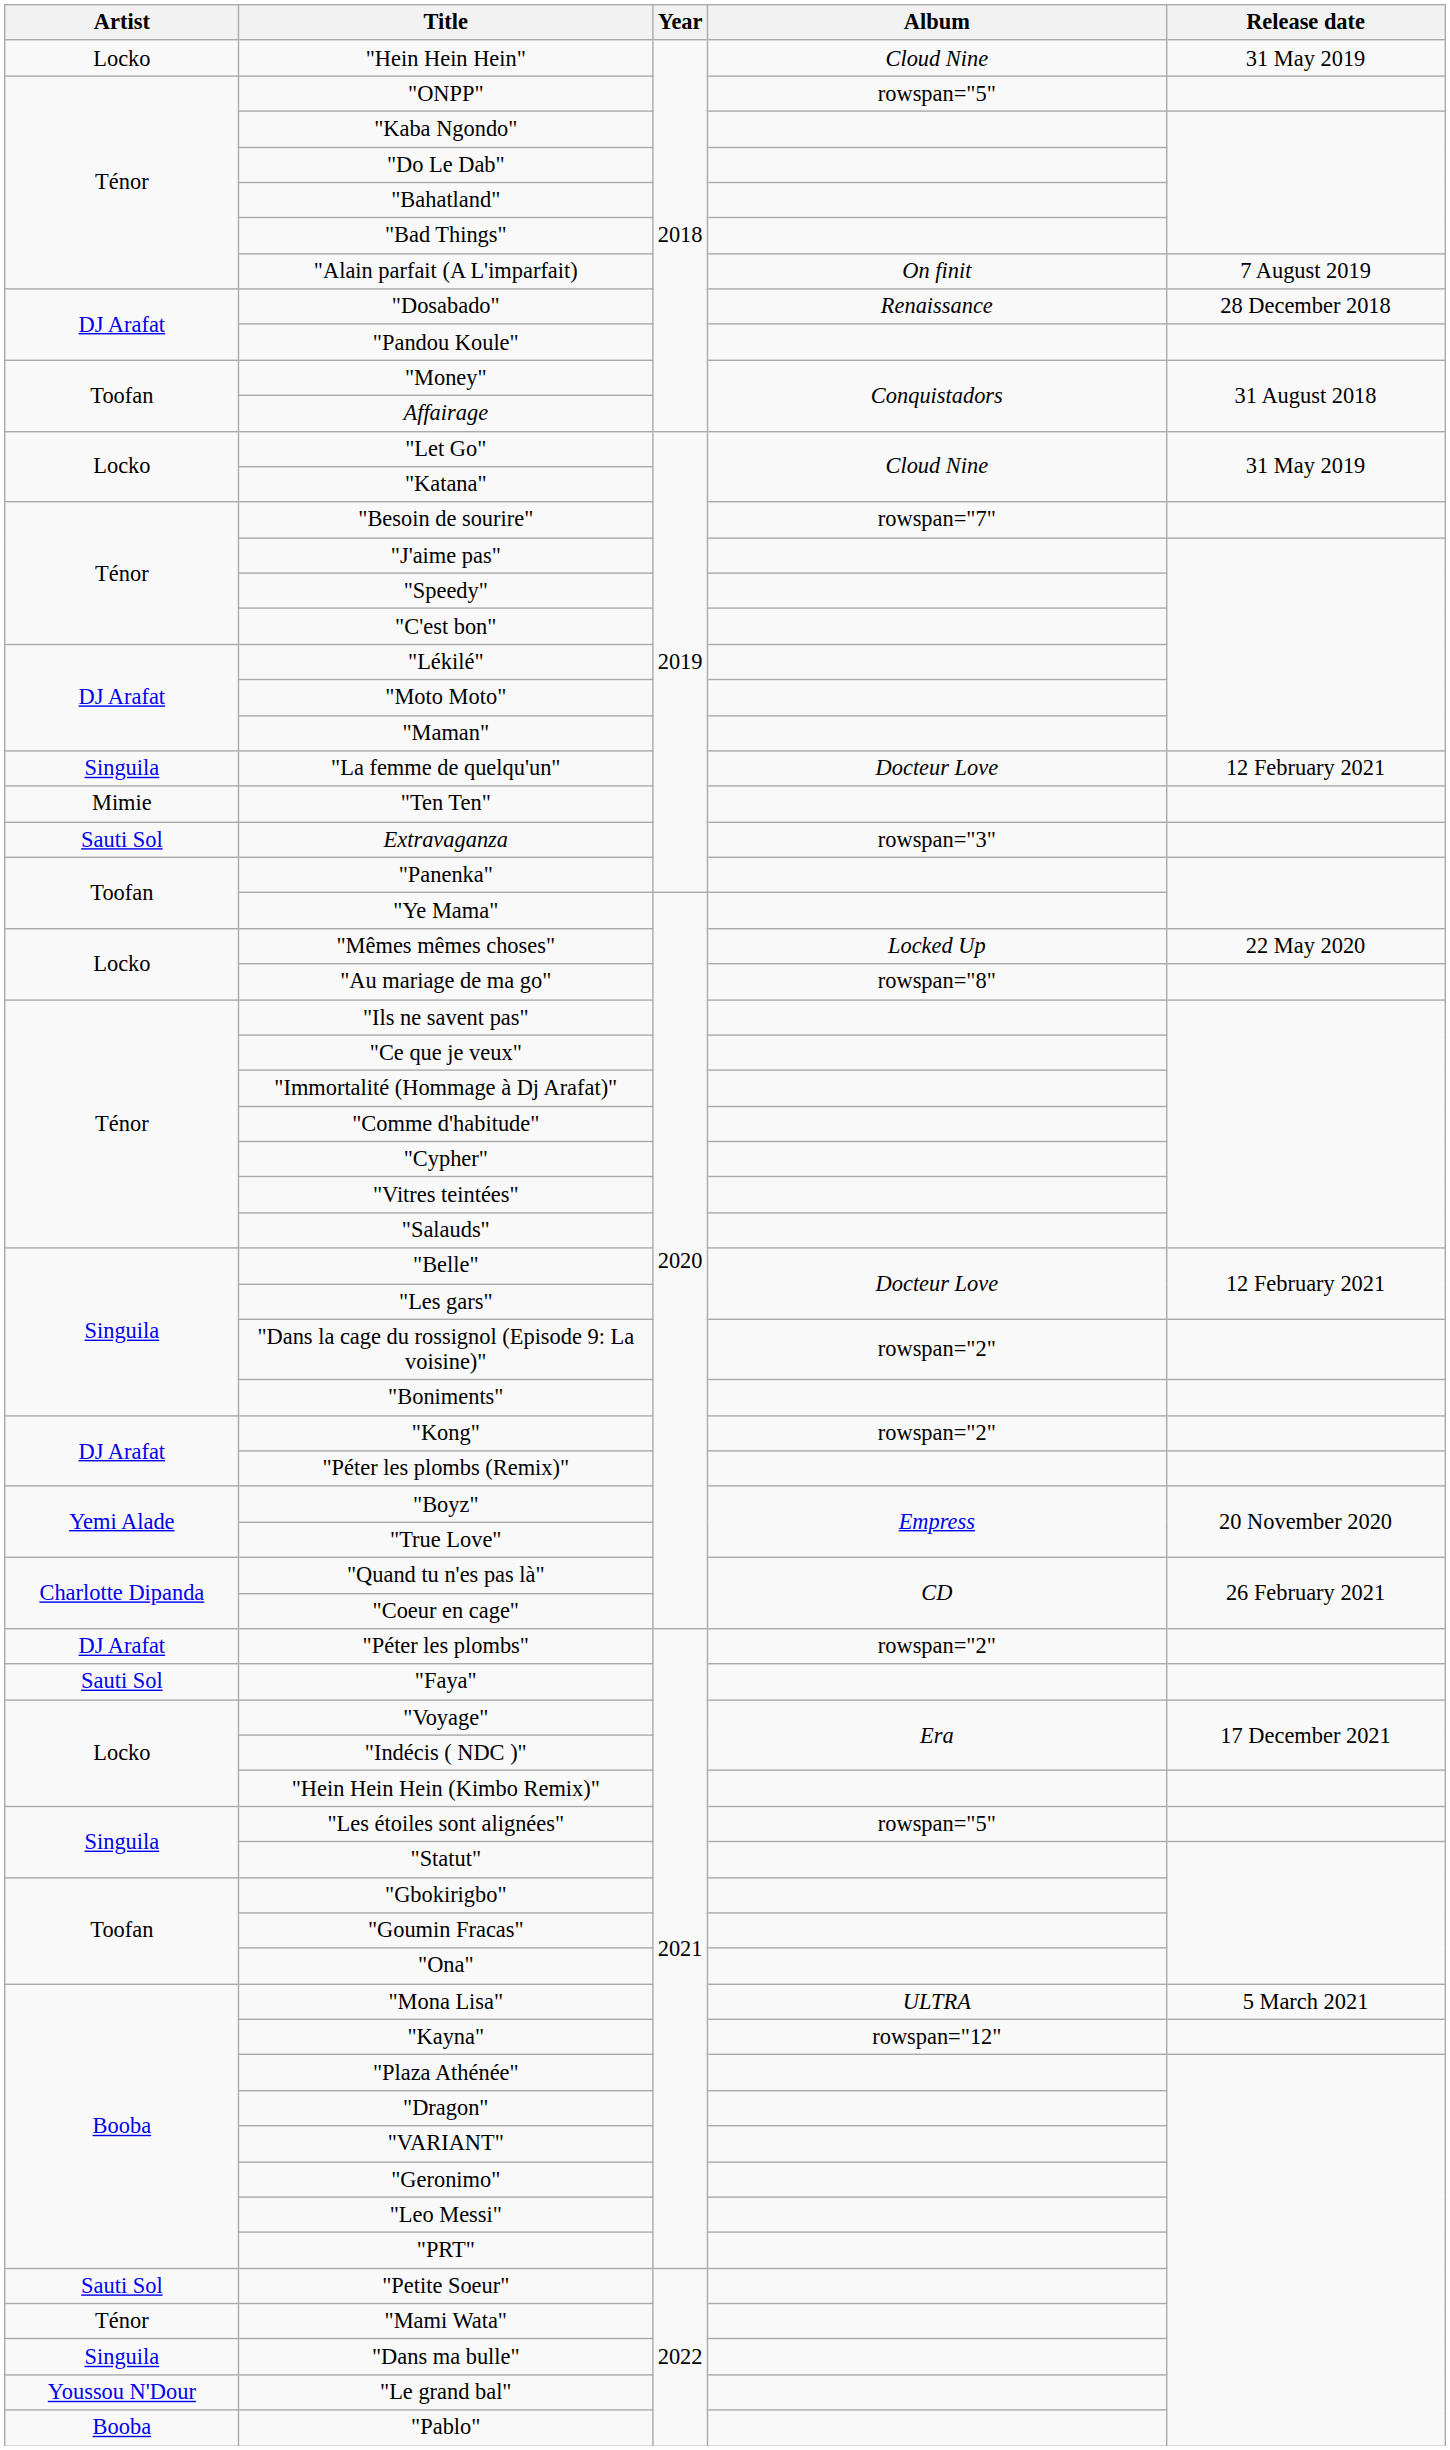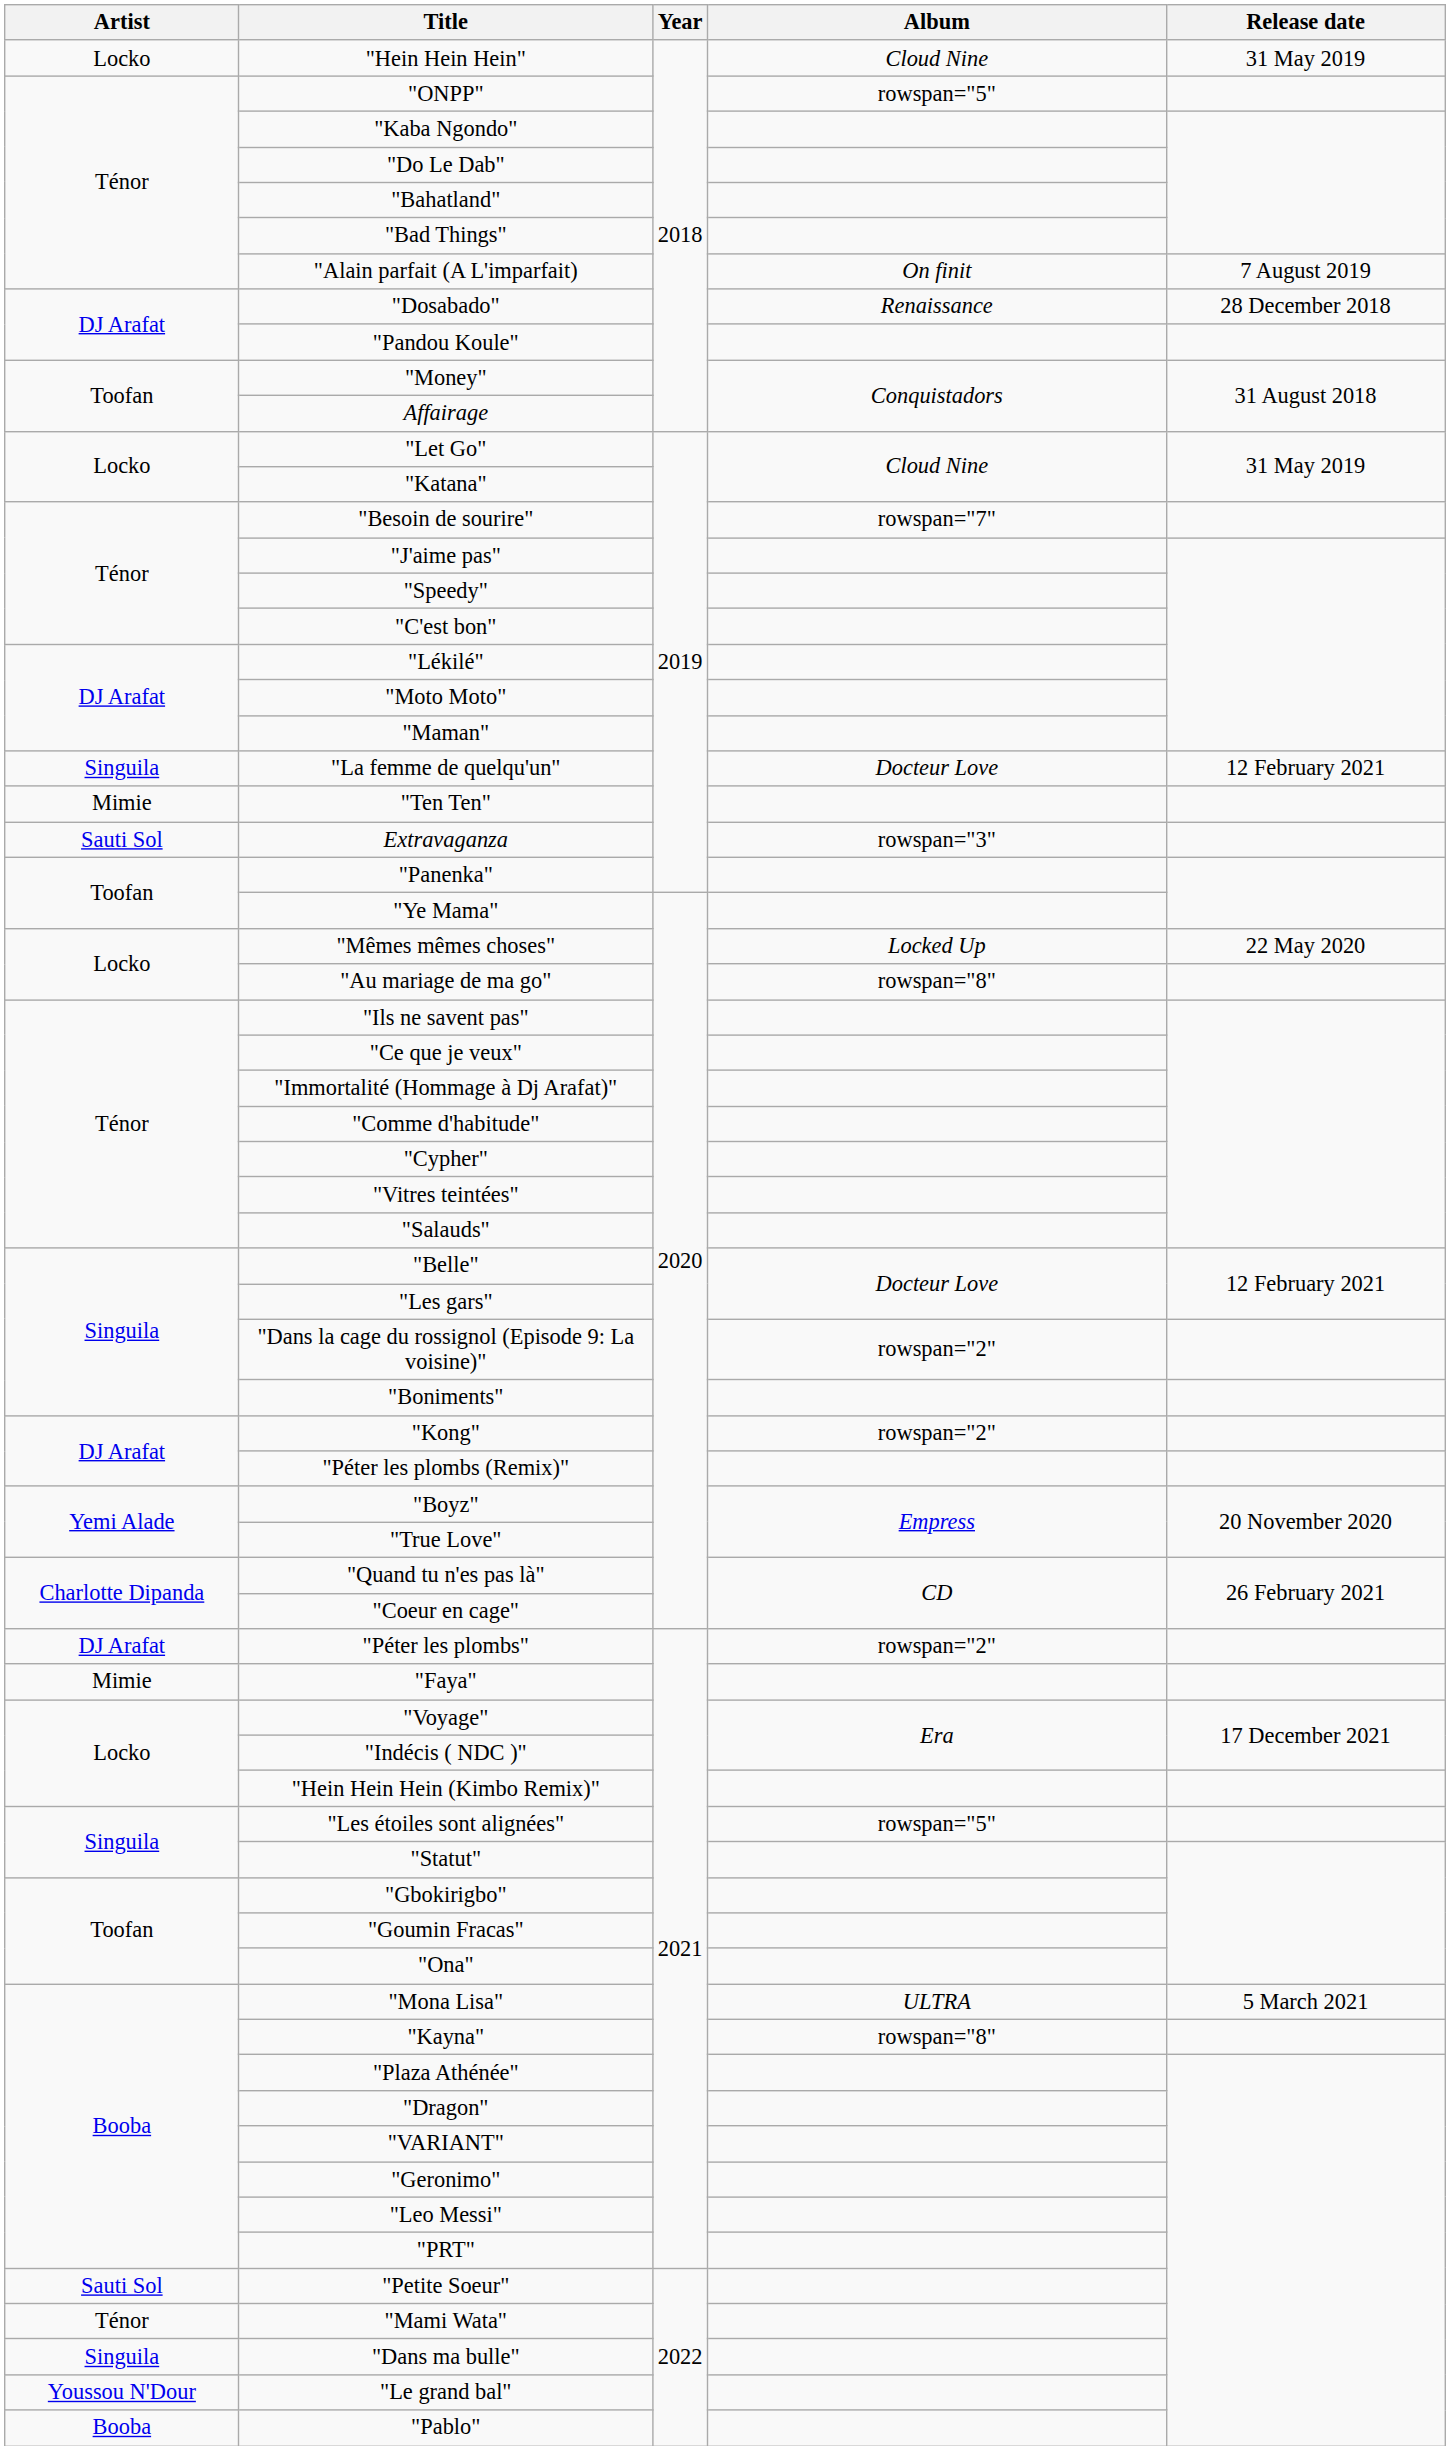 <table class="wikitable plainrowheaders" style="text-align:center;" border="1">
 <tr>
 <th style="width:10em;">Artist</th>
 <th style="width:18em;">Title</th>
 <th style="width:2em;">Year</th>
 <th style="width:20em;">Album</th>
 <th style="width:12em;">Release date</th>
 </tr>
 <tr>
 <td>Locko</td>
 <td>"Hein Hein Hein"</td>
 <td rowspan="11">2018</td>
 <td><em>Cloud Nine</em></td>
 <td>31 May 2019</td>
 </tr>
 <tr>
 <td rowspan="6">Ténor</td>
 <td>"ONPP"</td>
 <td>rowspan="5" </td>
 <td></td>
 </tr>
 <tr>
 <td>"Kaba Ngondo"</td>
 <td></td>
 </tr>
 <tr>
 <td>"Do Le Dab"</td>
 <td></td>
 </tr>
 <tr>
 <td>"Bahatland"</td>
 <td></td>
 </tr>
 <tr>
 <td>"Bad Things"</td>
 <td></td>
 </tr>
 <tr>
 <td>"Alain parfait (A L'imparfait)</td>
 <td><em>On finit</em></td>
 <td>7 August 2019</td>
 </tr>
 <tr>
 <td rowspan="2"><a href='#'>DJ Arafat</a></td>
 <td>"Dosabado"</td>
 <td><em>Renaissance</em></td>
 <td>28 December 2018</td>
 </tr>
 <tr>
 <td>"Pandou Koule"</td>
 <td></td>
 <td></td>
 </tr>
 <tr>
 <td rowspan="2">Toofan</td>
 <td>"Money"</td>
 <td rowspan="2"><em>Conquistadors</em></td>
 <td rowspan="2">31 August 2018</td>
 </tr>
 <tr>
 <td><em>Affairage</em></td>
 </tr>
 <tr>
 <td rowspan="2">Locko</td>
 <td>"Let Go"</td>
 <td rowspan="13">2019</td>
 <td rowspan="2"><em>Cloud Nine</em></td>
 <td rowspan="2">31 May 2019</td>
 </tr>
 <tr>
 <td>"Katana"</td>
 </tr>
 <tr>
 <td rowspan="4">Ténor</td>
 <td>"Besoin de sourire"</td>
 <td>rowspan="7" </td>
 <td></td>
 </tr>
 <tr>
 <td>"J'aime pas"</td>
 <td></td>
 </tr>
 <tr>
 <td>"Speedy"</td>
 <td></td>
 </tr>
 <tr>
 <td>"C'est bon"</td>
 <td></td>
 </tr>
 <tr>
 <td rowspan="3"><a href='#'>DJ Arafat</a></td>
 <td>"Lékilé"</td>
 <td></td>
 </tr>
 <tr>
 <td>"Moto Moto"</td>
 <td></td>
 </tr>
 <tr>
 <td>"Maman"</td>
 <td></td>
 </tr>
 <tr>
 <td><a href='#'>Singuila</a></td>
 <td>"La femme de quelqu'un"</td>
 <td><em>Docteur Love</em></td>
 <td>12 February 2021</td>
 </tr>
 <tr>
 <td>Mimie</td>
 <td>"Ten Ten"</td>
 <td></td>
 <td></td>
 </tr>
 <tr>
 <td><a href='#'>Sauti Sol</a></td>
 <td><em>Extravaganza</em></td>
 <td>rowspan="3" </td>
 <td></td>
 </tr>
 <tr>
 <td rowspan="2">Toofan</td>
 <td>"Panenka"</td>
 <td></td>
 </tr>
 <tr>
 <td>"Ye Mama"</td>
 <td rowspan="20">2020</td>
 <td></td>
 </tr>
 <tr>
 <td rowspan="2">Locko</td>
 <td>"Mêmes mêmes choses"</td>
 <td><em>Locked Up</em></td>
 <td>22 May 2020</td>
 </tr>
 <tr>
 <td>"Au mariage de ma go"</td>
 <td>rowspan="8" </td>
 <td></td>
 </tr>
 <tr>
 <td rowspan="7">Ténor</td>
 <td>"Ils ne savent pas"</td>
 <td></td>
 </tr>
 <tr>
 <td>"Ce que je veux"</td>
 <td></td>
 </tr>
 <tr>
 <td>"Immortalité (Hommage à Dj Arafat)"</td>
 <td></td>
 </tr>
 <tr>
 <td>"Comme d'habitude"</td>
 <td></td>
 </tr>
 <tr>
 <td>"Cypher"</td>
 <td></td>
 </tr>
 <tr>
 <td>"Vitres teintées"</td>
 <td></td>
 </tr>
 <tr>
 <td>"Salauds"</td>
 <td></td>
 </tr>
 <tr>
 <td rowspan="4"><a href='#'>Singuila</a></td>
 <td>"Belle"</td>
 <td rowspan="2"><em>Docteur Love</em></td>
 <td rowspan="2">12 February 2021</td>
 </tr>
 <tr>
 <td>"Les gars"</td>
 </tr>
 <tr>
 <td>"Dans la cage du rossignol (Episode 9: La voisine)"</td>
 <td>rowspan="2" </td>
 <td></td>
 </tr>
 <tr>
 <td>"Boniments"</td>
 <td></td>
 </tr>
 <tr>
 <td rowspan="2"><a href='#'>DJ Arafat</a></td>
 <td>"Kong"</td>
 <td>rowspan="2" </td>
 <td></td>
 </tr>
 <tr>
 <td>"Péter les plombs (Remix)"</td>
 <td></td>
 </tr>
 <tr>
 <td rowspan="2"><a href='#'>Yemi Alade</a></td>
 <td>"Boyz"</td>
 <td rowspan="2"><em><a href='#'>Empress</a></em></td>
 <td rowspan="2">20 November 2020</td>
 </tr>
 <tr>
 <td>"True Love"</td>
 </tr>
 <tr>
 <td rowspan="2"><a href='#'>Charlotte Dipanda</a></td>
 <td>"Quand tu n'es pas là"</td>
 <td rowspan="2"><em>CD</em></td>
 <td rowspan="2">26 February 2021</td>
 </tr>
 <tr>
 <td>"Coeur en cage"</td>
 </tr>
 <tr>
 <td><a href='#'>DJ Arafat</a></td>
 <td>"Péter les plombs"</td>
 <td rowspan="18">2021</td>
 <td>rowspan="2" </td>
 <td></td>
 </tr>
 <tr>
-<td><a href='#'>Sauti Sol</a></td>
+<td rowspan="1">Mimie</td>
 <td>"Faya"</td>
 <td rowspan="1"></td>
 </tr>
 <tr>
 <td rowspan="3">Locko</td>
 <td>"Voyage"</td>
 <td rowspan="2"><em>Era</em></td>
 <td rowspan="2">17 December 2021</td>
 </tr>
 <tr>
 <td>"Indécis ( NDC )"</td>
 </tr>
 <tr>
 <td>"Hein Hein Hein (Kimbo Remix)"</td>
 <td></td>
 <td></td>
 </tr>
 <tr>
 <td rowspan="2"><a href='#'>Singuila</a></td>
 <td>"Les étoiles sont alignées"</td>
 <td>rowspan="5" </td>
 <td></td>
 </tr>
 <tr>
 <td>"Statut"</td>
 <td></td>
 </tr>
 <tr>
 <td rowspan="3">Toofan</td>
 <td>"Gbokirigbo"</td>
 <td></td>
 </tr>
 <tr>
 <td>"Goumin Fracas"</td>
 <td></td>
 </tr>
 <tr>
 <td>"Ona"</td>
 <td></td>
 </tr>
 <tr>
 <td rowspan="8"><a href='#'>Booba</a></td>
 <td>"Mona Lisa"</td>
 <td><em>ULTRA</em></td>
 <td>5 March 2021</td>
 </tr>
 <tr>
 <td>"Kayna"</td>
-<td>rowspan="12" </td>
+<td>rowspan="8" </td>
 <td></td>
 </tr>
 <tr>
 <td>"Plaza Athénée"</td>
 <td></td>
 </tr>
 <tr>
 <td>"Dragon"</td>
 <td></td>
 </tr>
 <tr>
 <td>"VARIANT"</td>
 <td></td>
 </tr>
 <tr>
 <td>"Geronimo"</td>
 <td></td>
 </tr>
 <tr>
 <td>"Leo Messi"</td>
 <td></td>
 </tr>
 <tr>
 <td>"PRT"</td>
 <td></td>
 </tr>
 <tr>
 <td><a href='#'>Sauti Sol</a></td>
 <td>"Petite Soeur"</td>
 <td rowspan="6">2022</td>
 <td></td>
 </tr>
 <tr>
 <td>Ténor</td>
 <td>"Mami Wata"</td>
 <td></td>
 </tr>
 <tr>
 <td rowspan="1"><a href='#'>Singuila</a></td>
 <td>"Dans ma bulle"</td>
 <td></td>
 </tr>
 <tr>
 <td><a href='#'>Youssou N'Dour</a></td>
 <td>"Le grand bal"</td>
 <td></td>
 </tr>
 <tr>
 <td><a href='#'>Booba</a></td>
 <td>"Pablo"</td>
 <td></td>
 </tr>
 </table>
